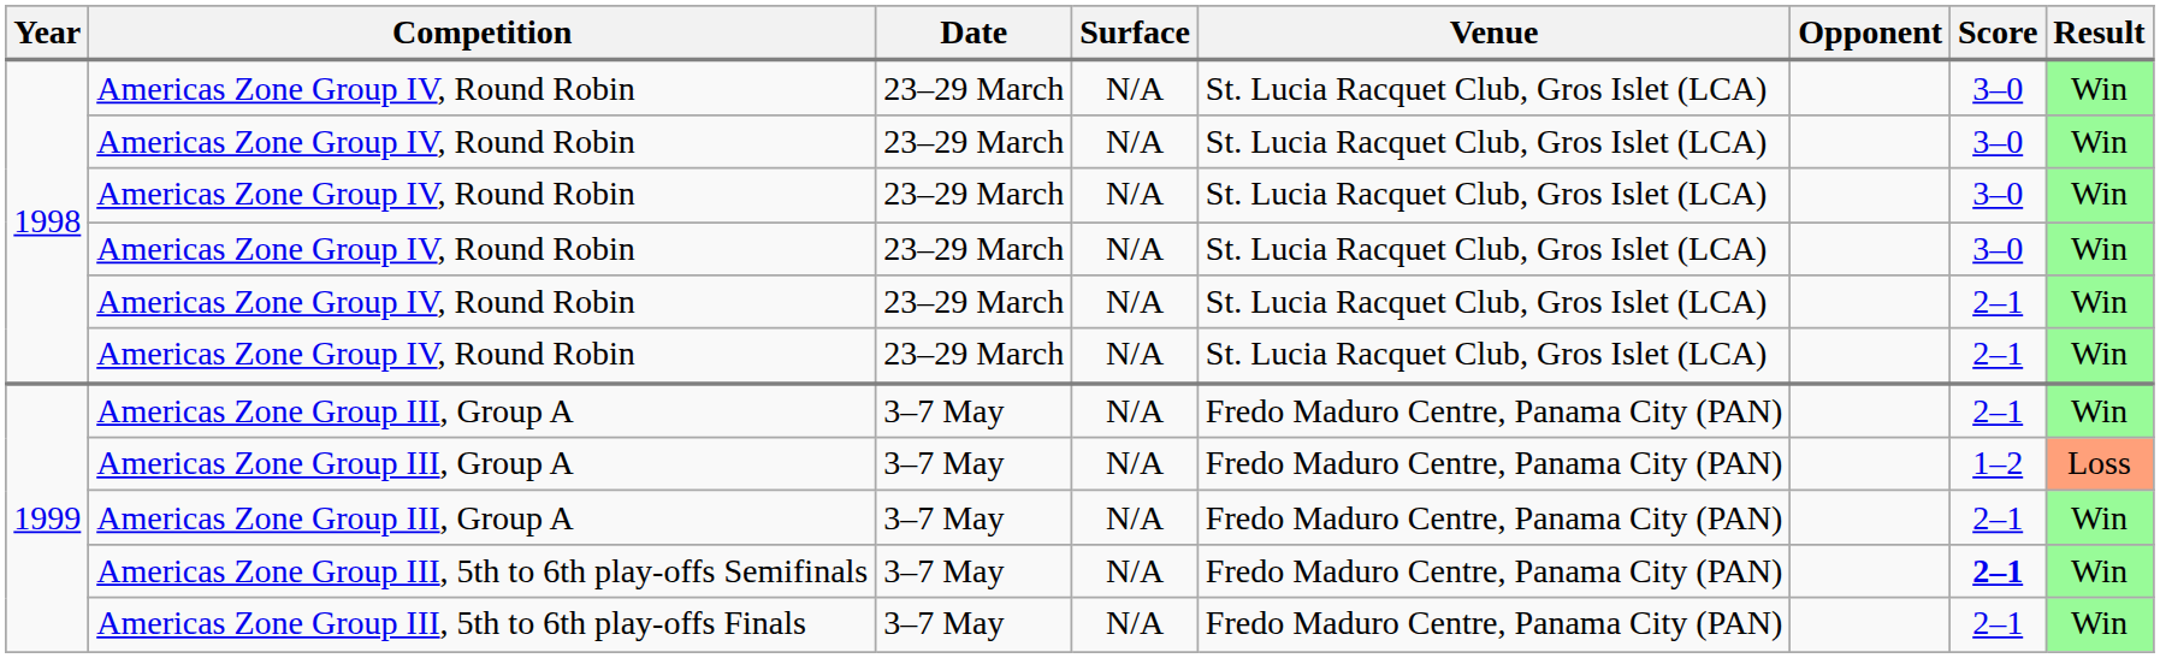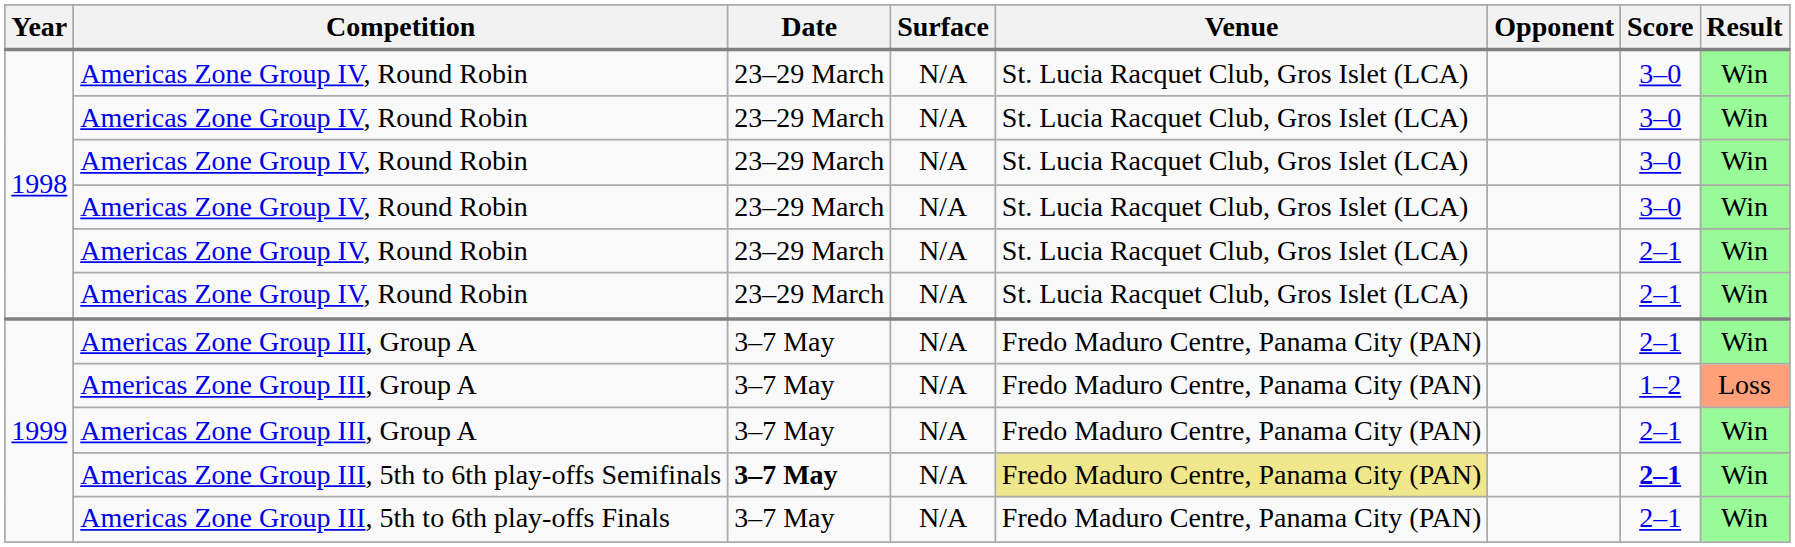 <table class="wikitable sortable">
 <tr>
 <th scope="col">Year</th>
 <th scope="col">Competition</th>
 <th scope="col">Date</th>
 <th scope="col">Surface</th>
 <th scope="col">Venue</th>
 <th scope="col">Opponent</th>
 <th scope="col">Score</th>
 <th scope="col">Result</th>
 </tr>
 <tr style="border-top:2px solid gray;">
 <td align="center" rowspan="6"><a href='#'>1998</a></td>
 <td><a href='#'>Americas Zone Group IV</a>, Round Robin</td>
 <td>23–29 March</td>
 <td align="center">N/A</td>
 <td>St. Lucia Racquet Club, Gros Islet (LCA)</td>
 <td></td>
 <td align="center"><a href='#'>3–0</a></td>
 <td align="center" bgcolor="#98FB98">Win</td>
 </tr>
 <tr>
 <td><a href='#'>Americas Zone Group IV</a>, Round Robin</td>
 <td>23–29 March</td>
 <td align="center">N/A</td>
 <td>St. Lucia Racquet Club, Gros Islet (LCA)</td>
 <td></td>
 <td align="center"><a href='#'>3–0</a></td>
 <td align="center" bgcolor="#98FB98">Win</td>
 </tr>
 <tr>
 <td><a href='#'>Americas Zone Group IV</a>, Round Robin</td>
 <td>23–29 March</td>
 <td align="center">N/A</td>
 <td>St. Lucia Racquet Club, Gros Islet (LCA)</td>
 <td></td>
 <td align="center"><a href='#'>3–0</a></td>
 <td align="center" bgcolor="#98FB98">Win</td>
 </tr>
 <tr>
 <td><a href='#'>Americas Zone Group IV</a>, Round Robin</td>
 <td>23–29 March</td>
 <td align="center">N/A</td>
 <td>St. Lucia Racquet Club, Gros Islet (LCA)</td>
 <td></td>
 <td align="center"><a href='#'>3–0</a></td>
 <td align="center" bgcolor="#98FB98">Win</td>
 </tr>
 <tr>
 <td><a href='#'>Americas Zone Group IV</a>, Round Robin</td>
 <td>23–29 March</td>
 <td align="center">N/A</td>
 <td>St. Lucia Racquet Club, Gros Islet (LCA)</td>
 <td></td>
 <td align="center"><a href='#'>2–1</a></td>
 <td align="center" bgcolor="#98FB98">Win</td>
 </tr>
 <tr>
 <td><a href='#'>Americas Zone Group IV</a>, Round Robin</td>
 <td>23–29 March</td>
 <td align="center">N/A</td>
 <td>St. Lucia Racquet Club, Gros Islet (LCA)</td>
 <td></td>
 <td align="center"><a href='#'>2–1</a></td>
 <td align="center" bgcolor="#98FB98">Win</td>
 </tr>
 <tr style="border-top:2px solid gray;">
 <td align="center" rowspan="5"><a href='#'>1999</a></td>
 <td><a href='#'>Americas Zone Group III</a>, Group A</td>
 <td>3–7 May</td>
 <td align="center">N/A</td>
 <td>Fredo Maduro Centre, Panama City (PAN)</td>
 <td></td>
 <td align="center"><a href='#'>2–1</a></td>
 <td align="center" bgcolor="#98FB98">Win</td>
 </tr>
 <tr>
 <td><a href='#'>Americas Zone Group III</a>, Group A</td>
 <td>3–7 May</td>
 <td align="center">N/A</td>
 <td>Fredo Maduro Centre, Panama City (PAN)</td>
 <td></td>
 <td align="center"><a href='#'>1–2</a></td>
 <td align="center" bgcolor="#FFA07A">Loss</td>
 </tr>
 <tr>
 <td><a href='#'>Americas Zone Group III</a>, Group A</td>
 <td>3–7 May</td>
 <td align="center">N/A</td>
 <td>Fredo Maduro Centre, Panama City (PAN)</td>
 <td></td>
 <td align="center"><a href='#'>2–1</a></td>
 <td align="center" bgcolor="#98FB98">Win</td>
 </tr>
 <tr>
 <td><a href='#'>Americas Zone Group III</a>, 5th to 6th play-offs Semifinals</td>
-<td>3–7 May</td>
+<td><strong>3–7 May</strong></td>
 <td align="center">N/A</td>
-<td>Fredo Maduro Centre, Panama City (PAN)</td>
+<td style="background: khaki;">Fredo Maduro Centre, Panama City (PAN)</td>
 <td></td>
 <td align="center"><strong><a href='#'>2–1</a></strong></td>
 <td align="center" bgcolor="#98FB98">Win</td>
 </tr>
 <tr>
 <td><a href='#'>Americas Zone Group III</a>, 5th to 6th play-offs Finals</td>
 <td>3–7 May</td>
 <td align="center">N/A</td>
 <td>Fredo Maduro Centre, Panama City (PAN)</td>
 <td></td>
 <td align="center"><a href='#'>2–1</a></td>
 <td align="center" bgcolor="#98FB98">Win</td>
 </tr>
 </table>
